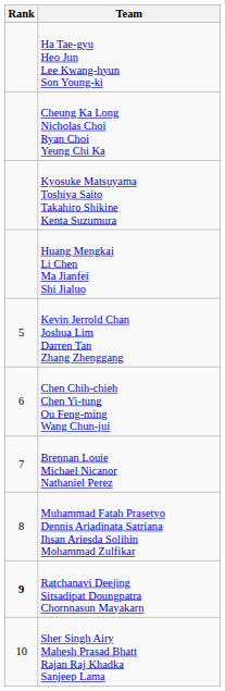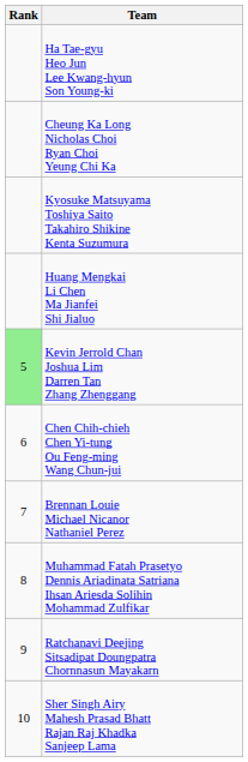 <table class="wikitable" style="text-align: center;">
 <tr>
 <th width=40>Rank</th>
 <th width=250>Team</th>
 </tr>
 <tr>
 <td></td>
 <td align=left><br><a href='#'>Ha Tae-gyu</a><br><a href='#'>Heo Jun</a><br><a href='#'>Lee Kwang-hyun</a><br><a href='#'>Son Young-ki</a></td>
 </tr>
 <tr>
 <td></td>
 <td align=left><br><a href='#'>Cheung Ka Long</a><br><a href='#'>Nicholas Choi</a><br><a href='#'>Ryan Choi</a><br><a href='#'>Yeung Chi Ka</a></td>
 </tr>
 <tr>
 <td></td>
 <td align=left><br><a href='#'>Kyosuke Matsuyama</a><br><a href='#'>Toshiya Saito</a><br><a href='#'>Takahiro Shikine</a><br><a href='#'>Kenta Suzumura</a></td>
 </tr>
 <tr>
 <td></td>
 <td align=left><br><a href='#'>Huang Mengkai</a><br><a href='#'>Li Chen</a><br><a href='#'>Ma Jianfei</a><br><a href='#'>Shi Jialuo</a></td>
 </tr>
 <tr>
-<td>5</td>
+<td style="background: lightgreen;">5</td>
 <td align=left><br><a href='#'>Kevin Jerrold Chan</a><br><a href='#'>Joshua Lim</a><br><a href='#'>Darren Tan</a><br><a href='#'>Zhang Zhenggang</a></td>
 </tr>
 <tr>
 <td>6</td>
 <td align=left><br><a href='#'>Chen Chih-chieh</a><br><a href='#'>Chen Yi-tung</a><br><a href='#'>Ou Feng-ming</a><br><a href='#'>Wang Chun-jui</a></td>
 </tr>
 <tr>
 <td>7</td>
 <td align=left><br><a href='#'>Brennan Louie</a><br><a href='#'>Michael Nicanor</a><br><a href='#'>Nathaniel Perez</a></td>
 </tr>
 <tr>
 <td>8</td>
 <td align=left><br><a href='#'>Muhammad Fatah Prasetyo</a><br><a href='#'>Dennis Ariadinata Satriana</a><br><a href='#'>Ihsan Ariesda Solihin</a><br><a href='#'>Mohammad Zulfikar</a></td>
 </tr>
 <tr>
-<td><strong>9</strong></td>
+<td>9</td>
 <td align=left><br><a href='#'>Ratchanavi Deejing</a><br><a href='#'>Sitsadipat Doungpatra</a><br><a href='#'>Chornnasun Mayakarn</a></td>
 </tr>
 <tr>
 <td>10</td>
 <td align=left><br><a href='#'>Sher Singh Airy</a><br><a href='#'>Mahesh Prasad Bhatt</a><br><a href='#'>Rajan Raj Khadka</a><br><a href='#'>Sanjeep Lama</a></td>
 </tr>
 </table>
